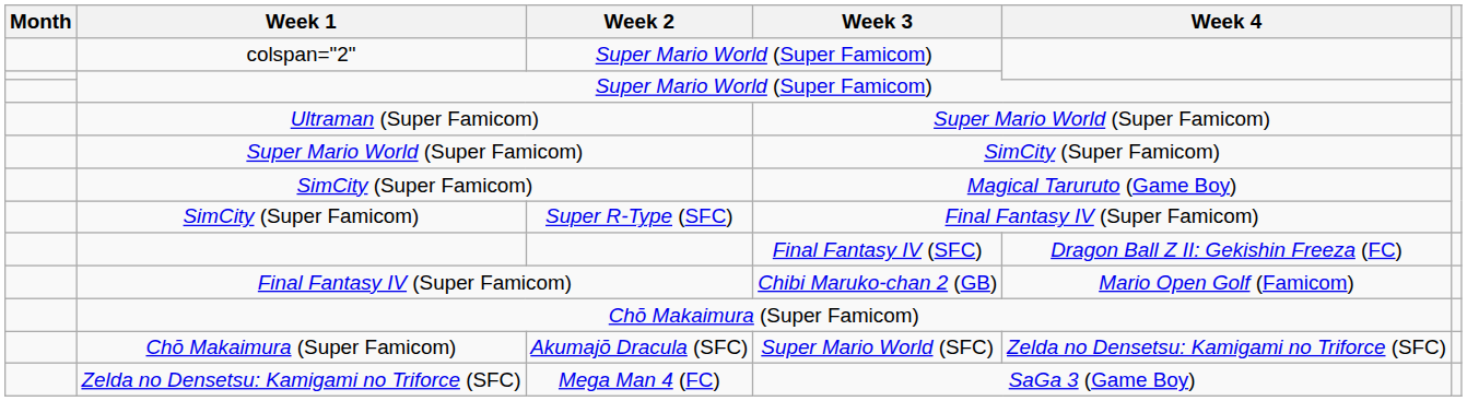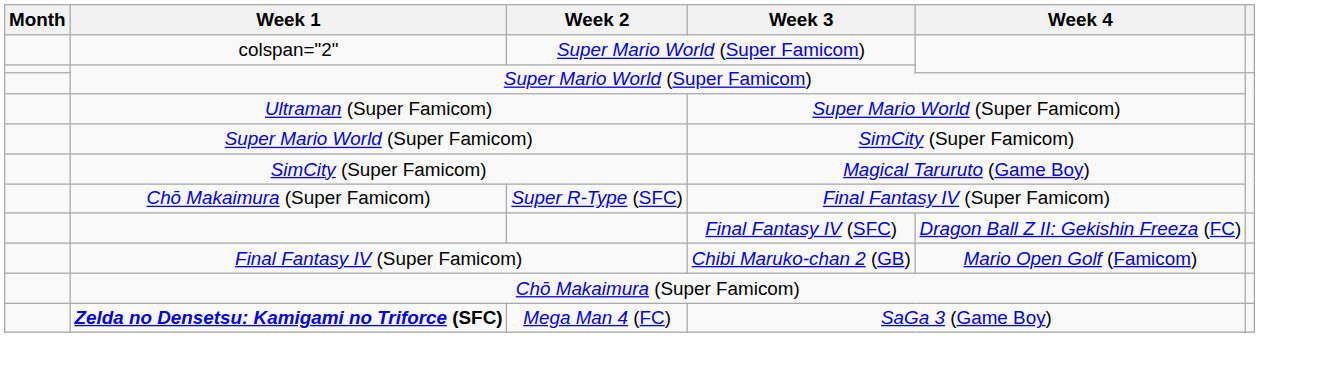 <table class="wikitable sortable" style="text-align:center; font-size:90%">
 <tr>
 <th>Month</th>
 <th>Week 1</th>
 <th>Week 2</th>
 <th>Week 3</th>
 <th>Week 4</th>
 <th class="unsortable"></th>
 </tr>
 <tr>
 <td></td>
 <td>colspan="2" </td>
 <td colspan="2"><em><a href='#'>Super Mario World</a></em> (<a href='#'>Super Famicom</a>)</td>
 <td rowspan="2"></td>
 </tr>
 <tr>
 <td></td>
 <td colspan="4" rowspan="2"><em><a href='#'>Super Mario World</a></em> (<a href='#'>Super Famicom</a>)</td>
 </tr>
 <tr>
 <td></td>
 <td rowspan="2"></td>
 </tr>
 <tr>
 <td></td>
 <td colspan="2"><em><a href='#'>Ultraman</a></em> (Super Famicom)</td>
 <td colspan="2"><em><a href='#'>Super Mario World</a></em> (Super Famicom)</td>
 </tr>
 <tr>
 <td></td>
 <td colspan="2"><em><a href='#'>Super Mario World</a></em> (Super Famicom)</td>
 <td colspan="2"><em><a href='#'>SimCity</a></em> (Super Famicom)</td>
 <td></td>
 </tr>
 <tr>
 <td></td>
 <td colspan="2"><em><a href='#'>SimCity</a></em> (Super Famicom)</td>
 <td colspan="2"><em><a href='#'>Magical Taruruto</a></em> (<a href='#'>Game Boy</a>)</td>
 <td rowspan="2"></td>
 </tr>
 <tr>
 <td></td>
-<td><em><a href='#'>SimCity</a></em> (Super Famicom)</td>
+<td><em><a href='#'>Chō Makaimura</a></em> (Super Famicom)</td>
 <td><em><a href='#'>Super R-Type</a></em> (<a href='#'>SFC</a>)</td>
 <td colspan="2"><em><a href='#'>Final Fantasy IV</a></em> (Super Famicom)</td>
 </tr>
 <tr>
 <td></td>
 <td></td>
 <td></td>
 <td><em><a href='#'>Final Fantasy IV</a></em> (<a href='#'>SFC</a>)</td>
 <td><em><a href='#'>Dragon Ball Z II: Gekishin Freeza</a></em> (<a href='#'>FC</a>)</td>
 <td></td>
 </tr>
 <tr>
 <td></td>
 <td colspan="2"><em><a href='#'>Final Fantasy IV</a></em> (Super Famicom)</td>
 <td><em><a href='#'>Chibi Maruko-chan 2</a></em> (<a href='#'>GB</a>)</td>
 <td><em><a href='#'>Mario Open Golf</a></em> (<a href='#'>Famicom</a>)</td>
 <td></td>
 </tr>
 <tr>
 <td></td>
 <td colspan="4"><em><a href='#'>Chō Makaimura</a></em> (Super Famicom)</td>
 <td></td>
 </tr>
 <tr>
 <td></td>
-<td><em><a href='#'>Chō Makaimura</a></em> (Super Famicom)</td>
-<td><em><a href='#'>Akumajō Dracula</a></em> (SFC)</td>
-<td><em><a href='#'>Super Mario World</a></em> (SFC)</td>
-<td><em><a href='#'>Zelda no Densetsu: Kamigami no Triforce</a></em> (SFC)</td>
-<td></td>
-</tr>
-<tr>
-<td></td>
-<td><em><a href='#'>Zelda no Densetsu: Kamigami no Triforce</a></em> (SFC)</td>
+<td><strong><em><a href='#'>Zelda no Densetsu: Kamigami no Triforce</a></em> (SFC)</strong></td>
 <td><em><a href='#'>Mega Man 4</a></em> (<a href='#'>FC</a>)</td>
 <td colspan="2"><em><a href='#'>SaGa 3</a></em> (<a href='#'>Game Boy</a>)</td>
 <td></td>
 </tr>
 </table>
